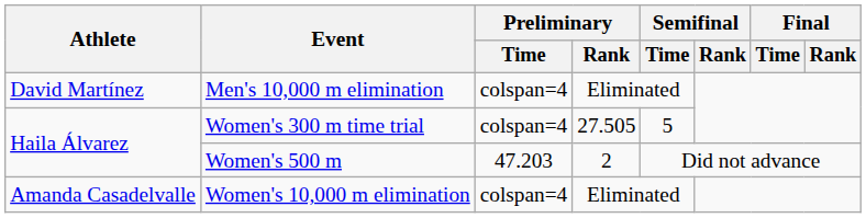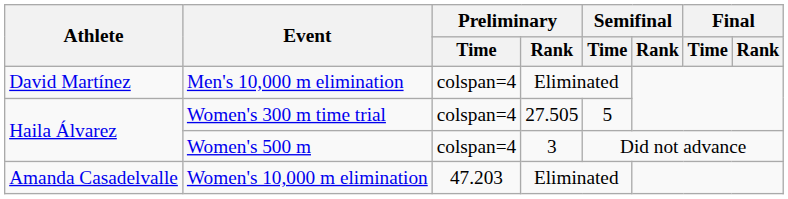 <table class=wikitable style=font-size:90%;text-align:center>
 <tr>
 <th rowspan=2>Athlete</th>
 <th rowspan=2>Event</th>
 <th colspan=2>Preliminary</th>
 <th colspan=2>Semifinal</th>
 <th colspan=2>Final</th>
 </tr>
 <tr style=font-size:95%>
 <th>Time</th>
 <th>Rank</th>
 <th>Time</th>
 <th>Rank</th>
 <th>Time</th>
 <th>Rank</th>
 </tr>
 <tr>
 <td style="text-align:left"><a href='#'>David Martínez</a></td>
 <td style="text-align:left"><a href='#'>Men's 10,000 m elimination</a></td>
 <td>colspan=4 </td>
 <td colspan=2>Eliminated</td>
 </tr>
 <tr>
 <td style="text-align:left" rowspan=2><a href='#'>Haila Álvarez</a></td>
 <td style="text-align:left"><a href='#'>Women's 300 m time trial</a></td>
 <td>colspan=4 </td>
 <td>27.505</td>
 <td>5</td>
 </tr>
 <tr>
 <td style="text-align:left"><a href='#'>Women's 500 m</a></td>
-<td>47.203</td>
-<td>2</td>
+<td>colspan=4 </td>
+<td>3</td>
 <td colspan=4>Did not advance</td>
 </tr>
 <tr>
 <td style="text-align:left"><a href='#'>Amanda Casadelvalle</a></td>
 <td style="text-align:left"><a href='#'>Women's 10,000 m elimination</a></td>
-<td>colspan=4 </td>
+<td>47.203</td>
 <td colspan=2>Eliminated</td>
 </tr>
 </table>
